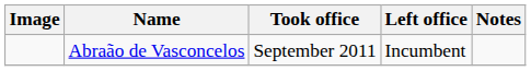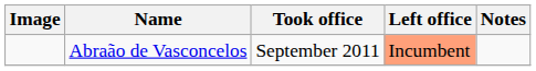 <table class="wikitable">
 <tr>
 <th>Image</th>
 <th>Name</th>
 <th>Took office</th>
 <th>Left office</th>
 <th>Notes</th>
 </tr>
 <tr>
 <td></td>
 <td><a href='#'>Abraão de Vasconcelos</a></td>
 <td>September 2011</td>
-<td>Incumbent</td>
+<td style="background: lightsalmon;">Incumbent</td>
 <td></td>
 </tr>
 <tr>
 </tr>
 </table>
